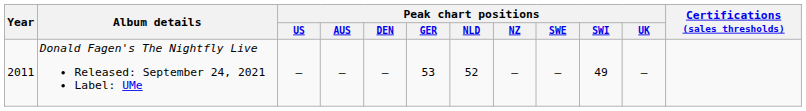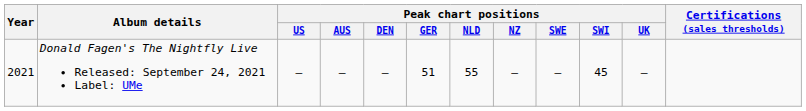 <table class="wikitable" style="text-align:left;">
 <tr>
 <th rowspan="2">Year</th>
 <th rowspan="2" style="width:270px;">Album details</th>
 <th colspan="9">Peak chart positions</th>
 <th rowspan="2" style="width:150px;"><a href='#'>Certifications</a><br><small><a href='#'>(sales thresholds)</a></small></th>
 </tr>
 <tr>
 <th style="width:4em;font-size:85%"><a href='#'>US</a><br></th>
 <th style="width:4em;font-size:85%"><a href='#'>AUS</a><br></th>
 <th style="width:4em;font-size:85%"><a href='#'>DEN</a><br></th>
 <th style="width:4em;font-size:85%"><a href='#'>GER</a><br></th>
 <th style="width:4em;font-size:85%"><a href='#'>NLD</a><br></th>
 <th style="width:4em;font-size:85%"><a href='#'>NZ</a><br></th>
 <th style="width:4em;font-size:85%"><a href='#'>SWE</a><br></th>
 <th style="width:4em;font-size:85%"><a href='#'>SWI</a><br></th>
 <th style="width:4em;font-size:85%"><a href='#'>UK</a><br></th>
 </tr>
 <tr>
-<td>2011</td>
+<td>2021</td>
 <td><em>Donald Fagen's The Nightfly Live</em><br><ul><li>Released: September 24, 2021</li><li>Label: <a href='#'>UMe</a></li></ul></td>
 <td style="text-align:center;">—</td>
 <td style="text-align:center;">—</td>
 <td style="text-align:center;">—</td>
-<td style="text-align:center;">53</td>
-<td style="text-align:center;">52</td>
+<td style="text-align:center;">51</td>
+<td style="text-align:center;">55</td>
 <td style="text-align:center;">—</td>
 <td style="text-align:center;">—</td>
-<td style="text-align:center;">49</td>
+<td style="text-align:center;">45</td>
 <td style="text-align:center;">—</td>
 <td></td>
 </tr>
 </table>
